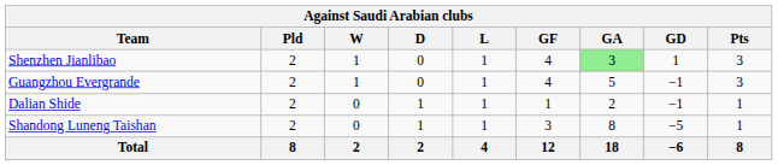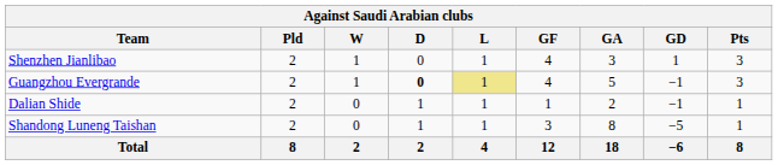 <table width=70% class="wikitable" style="text-align:center">
 <tr>
 <th colspan=9>Against Saudi Arabian clubs</th>
 </tr>
 <tr>
 <th width=20%>Team</th>
 <th width=5%>Pld</th>
 <th width=5%>W</th>
 <th width=5%>D</th>
 <th width=5%>L</th>
 <th width=5%>GF</th>
 <th width=5%>GA</th>
 <th width=5%>GD</th>
 <th width=5%>Pts</th>
 </tr>
 <tr>
 <td align=left> <a href='#'>Shenzhen Jianlibao</a></td>
 <td>2</td>
 <td>1</td>
 <td>0</td>
 <td>1</td>
 <td>4</td>
-<td style="background: lightgreen;">3</td>
+<td>3</td>
 <td>1</td>
 <td>3</td>
 </tr>
 <tr>
 <td align=left> <a href='#'>Guangzhou Evergrande</a></td>
 <td>2</td>
 <td>1</td>
-<td>0</td>
-<td>1</td>
+<td><strong>0</strong></td>
+<td style="background: khaki;">1</td>
 <td>4</td>
 <td>5</td>
 <td>−1</td>
 <td>3</td>
 </tr>
 <tr>
 <td align=left> <a href='#'>Dalian Shide</a></td>
 <td>2</td>
 <td>0</td>
 <td>1</td>
 <td>1</td>
 <td>1</td>
 <td>2</td>
 <td>−1</td>
 <td>1</td>
 </tr>
 <tr>
 <td align=left> <a href='#'>Shandong Luneng Taishan</a></td>
 <td>2</td>
 <td>0</td>
 <td>1</td>
 <td>1</td>
 <td>3</td>
 <td>8</td>
 <td>−5</td>
 <td>1</td>
 </tr>
 <tr>
 <th>Total</th>
 <th>8</th>
 <th>2</th>
 <th>2</th>
 <th>4</th>
 <th>12</th>
 <th>18</th>
 <th>−6</th>
 <th>8</th>
 </tr>
 </table>
